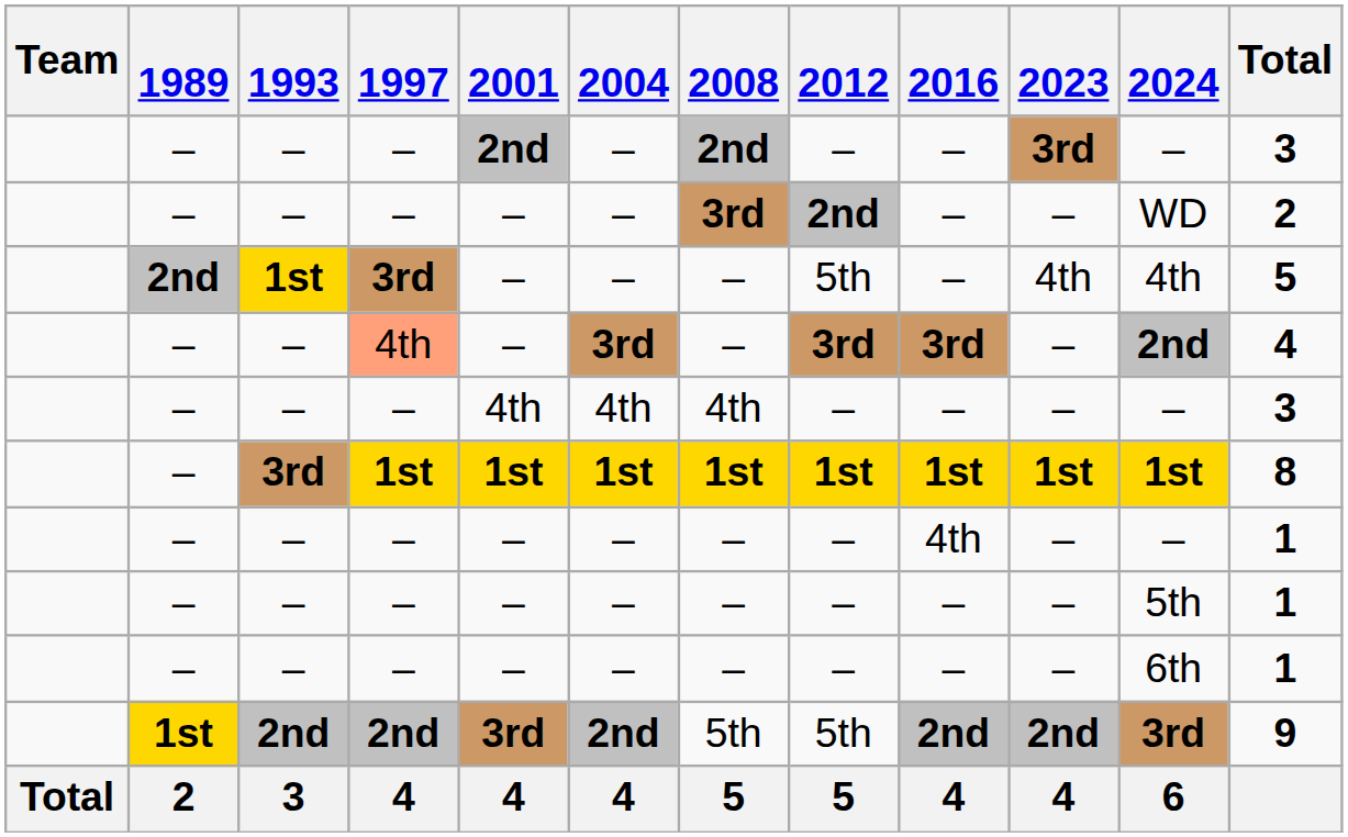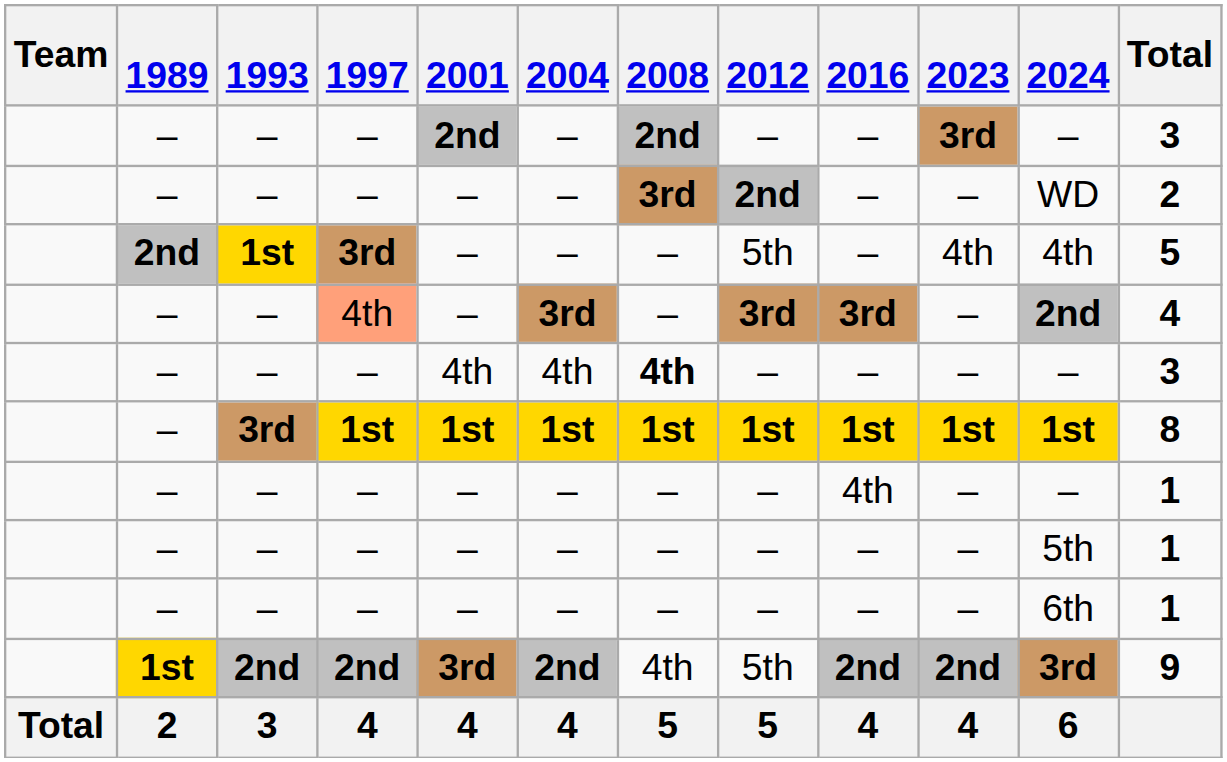 <table class=wikitable style="text-align:center">
 <tr>
 <th>Team</th>
 <th><br><a href='#'>1989</a></th>
 <th><br><a href='#'>1993</a></th>
 <th><br><a href='#'>1997</a></th>
 <th><br><a href='#'>2001</a></th>
 <th><br><a href='#'>2004</a></th>
 <th><br><a href='#'>2008</a></th>
 <th><br><a href='#'>2012</a></th>
 <th><br><a href='#'>2016</a></th>
 <th><br><a href='#'>2023</a></th>
 <th><br><a href='#'>2024</a></th>
 <th>Total</th>
 </tr>
 <tr>
 <td align=left></td>
 <td>–</td>
 <td>–</td>
 <td>–</td>
 <td bgcolor=silver><strong>2nd</strong></td>
 <td>–</td>
 <td bgcolor=silver><strong>2nd</strong></td>
 <td>–</td>
 <td>–</td>
 <td bgcolor=cc9966><strong>3rd</strong></td>
 <td>–</td>
 <td><strong>3</strong></td>
 </tr>
 <tr>
 <td align=left></td>
 <td>–</td>
 <td>–</td>
 <td>–</td>
 <td>–</td>
 <td>–</td>
 <td bgcolor=cc9966><strong>3rd</strong></td>
 <td bgcolor=silver><strong>2nd</strong></td>
 <td>–</td>
 <td>–</td>
 <td>WD</td>
 <td><strong>2</strong></td>
 </tr>
 <tr>
 <td align=left></td>
 <td bgcolor=silver><strong>2nd</strong></td>
 <td bgcolor=gold><strong>1st</strong></td>
 <td bgcolor=cc9966><strong>3rd</strong></td>
 <td>–</td>
 <td>–</td>
 <td>–</td>
 <td>5th</td>
 <td>–</td>
 <td>4th</td>
 <td>4th</td>
 <td><strong>5</strong></td>
 </tr>
 <tr>
 <td align=left></td>
 <td>–</td>
 <td>–</td>
 <td style="background: lightsalmon;">4th</td>
 <td>–</td>
 <td bgcolor=cc9966><strong>3rd</strong></td>
 <td>–</td>
 <td bgcolor=cc9966><strong>3rd</strong></td>
 <td bgcolor=cc9966><strong>3rd</strong></td>
 <td>–</td>
 <td bgcolor=silver><strong>2nd</strong></td>
 <td><strong>4</strong></td>
 </tr>
 <tr>
 <td align=left></td>
 <td>–</td>
 <td>–</td>
 <td>–</td>
 <td>4th</td>
 <td>4th</td>
-<td>4th</td>
+<td><strong>4th</strong></td>
 <td>–</td>
 <td>–</td>
 <td>–</td>
 <td>–</td>
 <td><strong>3</strong></td>
 </tr>
 <tr>
 <td align=left></td>
 <td>–</td>
 <td bgcolor=cc9966><strong>3rd</strong></td>
 <td bgcolor=gold><strong>1st</strong></td>
 <td bgcolor=gold><strong>1st</strong></td>
 <td bgcolor=gold><strong>1st</strong></td>
 <td bgcolor=gold><strong>1st</strong></td>
 <td bgcolor=gold><strong>1st</strong></td>
 <td bgcolor=gold><strong>1st</strong></td>
 <td bgcolor=gold><strong>1st</strong></td>
 <td bgcolor=gold><strong>1st</strong></td>
 <td><strong>8</strong></td>
 </tr>
 <tr>
 <td align=left></td>
 <td>–</td>
 <td>–</td>
 <td>–</td>
 <td>–</td>
 <td>–</td>
 <td>–</td>
 <td>–</td>
 <td>4th</td>
 <td>–</td>
 <td>–</td>
 <td><strong>1</strong></td>
 </tr>
 <tr>
 <td align=left></td>
 <td>–</td>
 <td>–</td>
 <td>–</td>
 <td>–</td>
 <td>–</td>
 <td>–</td>
 <td>–</td>
 <td>–</td>
 <td>–</td>
 <td>5th</td>
 <td><strong>1</strong></td>
 </tr>
 <tr>
 <td align=left></td>
 <td>–</td>
 <td>–</td>
 <td>–</td>
 <td>–</td>
 <td>–</td>
 <td>–</td>
 <td>–</td>
 <td>–</td>
 <td>–</td>
 <td>6th</td>
 <td><strong>1</strong></td>
 </tr>
 <tr>
 <td align=left></td>
 <td bgcolor=gold><strong>1st</strong></td>
 <td bgcolor=silver><strong>2nd</strong></td>
 <td bgcolor=silver><strong>2nd</strong></td>
 <td bgcolor=cc9966><strong>3rd</strong></td>
 <td bgcolor=silver><strong>2nd</strong></td>
-<td>5th</td>
+<td>4th</td>
 <td>5th</td>
 <td bgcolor=silver><strong>2nd</strong></td>
 <td bgcolor=silver><strong>2nd</strong></td>
 <td bgcolor=cc9966><strong>3rd</strong></td>
 <td><strong>9</strong></td>
 </tr>
 <tr>
 <th>Total</th>
 <th>2</th>
 <th>3</th>
 <th>4</th>
 <th>4</th>
 <th>4</th>
 <th>5</th>
 <th>5</th>
 <th>4</th>
 <th>4</th>
 <th>6</th>
 <th></th>
 </tr>
 </table>
